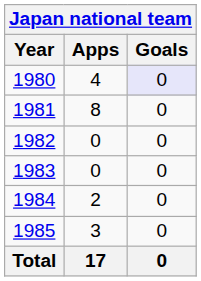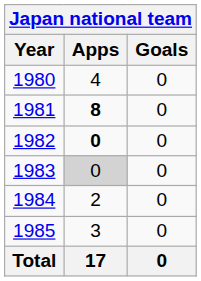 <table class="wikitable" style="text-align:center">
 <tr>
 <th colspan=3><a href='#'>Japan national team</a></th>
 </tr>
 <tr>
 <th>Year</th>
 <th>Apps</th>
 <th>Goals</th>
 </tr>
 <tr>
 <td><a href='#'>1980</a></td>
 <td>4</td>
-<td style="background: lavender;">0</td>
+<td>0</td>
 </tr>
 <tr>
 <td><a href='#'>1981</a></td>
-<td>8</td>
+<td><strong>8</strong></td>
 <td>0</td>
 </tr>
 <tr>
 <td><a href='#'>1982</a></td>
-<td>0</td>
+<td><strong>0</strong></td>
 <td>0</td>
 </tr>
 <tr>
 <td><a href='#'>1983</a></td>
-<td>0</td>
+<td style="background: lightgrey;">0</td>
 <td>0</td>
 </tr>
 <tr>
 <td><a href='#'>1984</a></td>
 <td>2</td>
 <td>0</td>
 </tr>
 <tr>
 <td><a href='#'>1985</a></td>
 <td>3</td>
 <td>0</td>
 </tr>
 <tr>
 <th>Total</th>
 <th>17</th>
 <th>0</th>
 </tr>
 </table>
